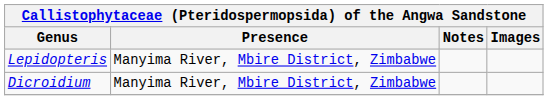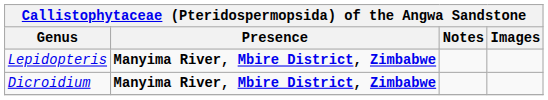 <table class="wikitable" align="center">
 <tr>
 <th colspan="5" align="center"><strong><a href='#'>Callistophytaceae</a> (Pteridospermopsida) of the Angwa Sandstone</strong></th>
 </tr>
 <tr>
 <th>Genus</th>
 <th>Presence</th>
 <th>Notes</th>
 <th>Images</th>
 </tr>
 <tr>
 <td><em><a href='#'>Lepidopteris</a></em></td>
-<td>Manyima River, <a href='#'>Mbire District</a>, <a href='#'>Zimbabwe</a></td>
+<td><strong>Manyima River, <a href='#'>Mbire District</a>, <a href='#'>Zimbabwe</a></strong></td>
 <td></td>
 <td></td>
 </tr>
 <tr>
 <td><em><a href='#'>Dicroidium</a></em></td>
-<td>Manyima River, <a href='#'>Mbire District</a>, <a href='#'>Zimbabwe</a></td>
+<td><strong>Manyima River, <a href='#'>Mbire District</a>, <a href='#'>Zimbabwe</a></strong></td>
 <td></td>
 <td></td>
 </tr>
 <tr>
 </tr>
 </table>
